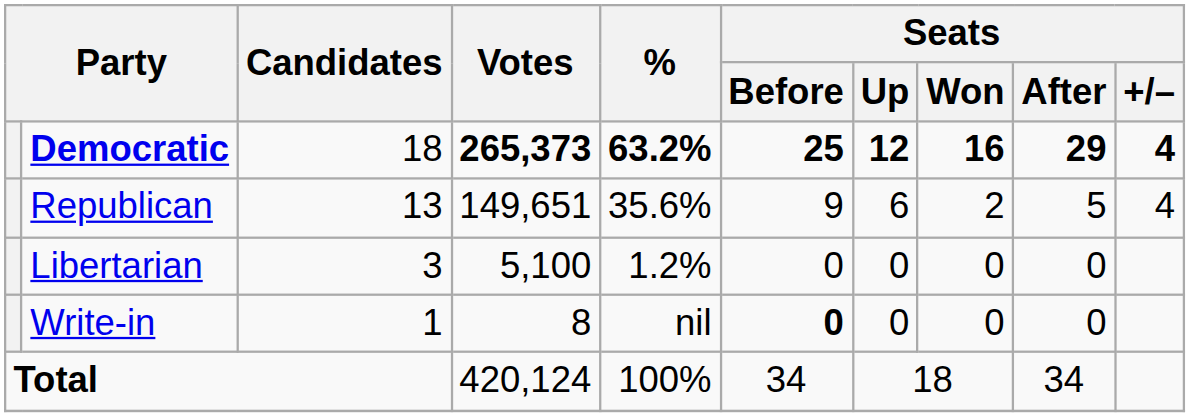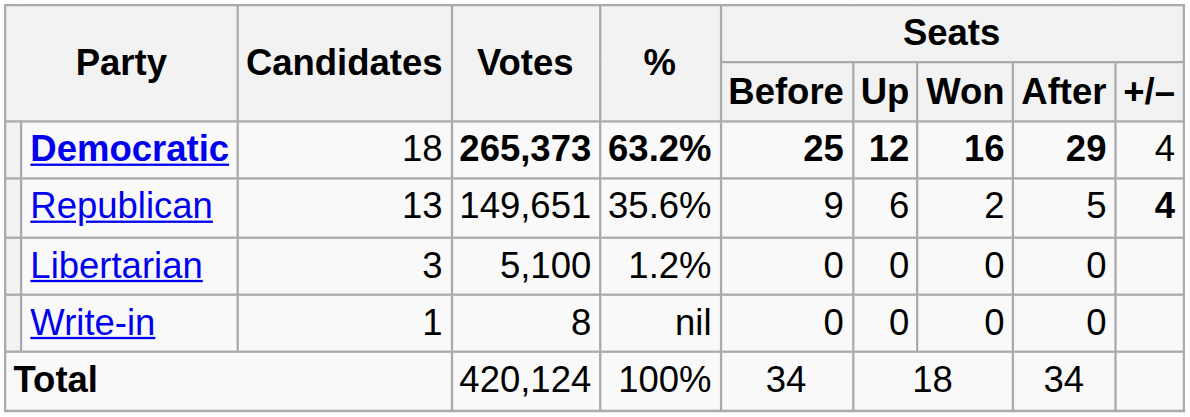 <table class="wikitable">
 <tr>
 <th rowspan="2" colspan="2">Party</th>
 <th rowspan="2">Candidates</th>
 <th rowspan="2">Votes</th>
 <th rowspan="2">%</th>
 <th colspan="5">Seats</th>
 </tr>
 <tr>
 <th>Before</th>
 <th>Up</th>
 <th>Won</th>
 <th>After</th>
 <th>+/–</th>
 </tr>
 <tr>
 <th style="background-color:"></th>
 <td><strong><a href='#'>Democratic</a></strong></td>
 <td align="right">18</td>
 <td align="right"><strong>265,373</strong></td>
 <td align="right"><strong>63.2%</strong></td>
 <td align="right"><strong>25</strong></td>
 <td align="right"><strong>12</strong></td>
 <td align="right"><strong>16</strong></td>
 <td align="right"><strong>29</strong></td>
-<td align="right"><strong> 4</strong></td>
+<td align="right"> 4</td>
 </tr>
 <tr>
 <th style="background-color:"></th>
 <td><a href='#'>Republican</a></td>
 <td align="right">13</td>
 <td align="right">149,651</td>
 <td align="right">35.6%</td>
 <td align="right">9</td>
 <td align="right">6</td>
 <td align="right">2</td>
 <td align="right">5</td>
-<td align="right"> 4</td>
+<td align="right"><strong> 4</strong></td>
 </tr>
 <tr>
 <th style="background-color:"></th>
 <td><a href='#'>Libertarian</a></td>
 <td align="right">3</td>
 <td align="right">5,100</td>
 <td align="right">1.2%</td>
 <td align="right">0</td>
 <td align="right">0</td>
 <td align="right">0</td>
 <td align="right">0</td>
 <td align="right"></td>
 </tr>
 <tr>
 <th style="background-color:"></th>
 <td><a href='#'>Write-in</a></td>
 <td align="right">1</td>
 <td align="right">8</td>
 <td align="right">nil</td>
-<td align="right"><strong>0</strong></td>
+<td align="right">0</td>
 <td align="right">0</td>
 <td align="right">0</td>
 <td align="right">0</td>
 <td align="right"></td>
 </tr>
 <tr>
 <td colspan="3"><strong>Total</strong></td>
 <td align="right">420,124</td>
 <td align="right">100%</td>
 <td align="center">34</td>
 <td colspan="2" align="center">18</td>
 <td align="center">34</td>
 <td align="right"></td>
 </tr>
 <tr>
 </tr>
 </table>
